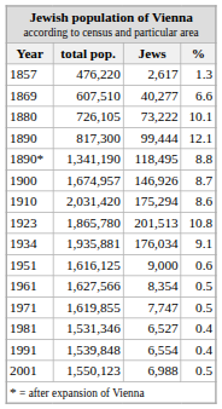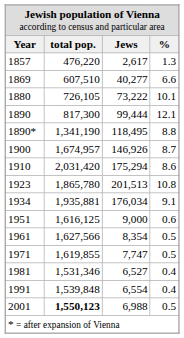 <table cellpadding="3" cellspacing="0" rules="all" style="float:right; width:250px; margin:1em; background:#fff; border:2px solid #aaa; font-size:100%;">
 <tr style="background:#ddd;">
 <td colspan="8" style="text-align:center;"><strong>Jewish population of Vienna</strong><br><small>according to census and particular area</small></td>
 </tr>
 <tr style="background:#f0f0f0; text-align:center;">
 <th>Year</th>
 <th>total pop.</th>
 <th>Jews</th>
 <th>%</th>
 </tr>
 <tr style="text-align:right;">
 <td style="text-align:left;">1857</td>
 <td>476,220</td>
 <td>2,617</td>
 <td>1.3</td>
 </tr>
 <tr style="text-align:right;">
 <td style="text-align:left;">1869</td>
 <td>607,510</td>
 <td>40,277</td>
 <td>6.6</td>
 </tr>
 <tr style="text-align:right;">
 <td style="text-align:left;">1880</td>
 <td>726,105</td>
 <td>73,222</td>
 <td>10.1</td>
 </tr>
 <tr style="text-align:right;">
 <td style="text-align:left;">1890</td>
 <td>817,300</td>
 <td>99,444</td>
 <td>12.1</td>
 </tr>
 <tr style="text-align:right;">
 <td style="text-align:left;">1890*</td>
 <td>1,341,190</td>
 <td>118,495</td>
 <td>8.8</td>
 </tr>
 <tr style="text-align:right;">
 <td style="text-align:left;">1900</td>
 <td>1,674,957</td>
 <td>146,926</td>
 <td>8.7</td>
 </tr>
 <tr style="text-align:right;">
 <td style="text-align:left;">1910</td>
 <td>2,031,420</td>
 <td>175,294</td>
 <td>8.6</td>
 </tr>
 <tr style="text-align:right;">
 <td style="text-align:left;">1923</td>
 <td>1,865,780</td>
 <td>201,513</td>
 <td>10.8</td>
 </tr>
 <tr style="text-align:right;">
 <td style="text-align:left;">1934</td>
 <td>1,935,881</td>
 <td>176,034</td>
 <td>9.1</td>
 </tr>
 <tr style="text-align:right;">
 <td style="text-align:left;">1951</td>
 <td>1,616,125</td>
 <td>9,000</td>
 <td>0.6</td>
 </tr>
 <tr style="text-align:right;">
 <td style="text-align:left;">1961</td>
 <td>1,627,566</td>
 <td>8,354</td>
 <td>0.5</td>
 </tr>
 <tr style="text-align:right;">
 <td style="text-align:left;">1971</td>
 <td>1,619,855</td>
 <td>7,747</td>
 <td>0.5</td>
 </tr>
 <tr style="text-align:right;">
 <td style="text-align:left;">1981</td>
 <td>1,531,346</td>
 <td>6,527</td>
 <td>0.4</td>
 </tr>
 <tr style="text-align:right;">
 <td style="text-align:left;">1991</td>
 <td>1,539,848</td>
 <td>6,554</td>
 <td>0.4</td>
 </tr>
 <tr style="text-align:right;">
 <td style="text-align:left;">2001</td>
-<td>1,550,123</td>
+<td><strong>1,550,123</strong></td>
 <td>6,988</td>
 <td>0.5</td>
 </tr>
 <tr>
 <td colspan="4">*<small> = after expansion of Vienna</small></td>
 </tr>
 </table>
